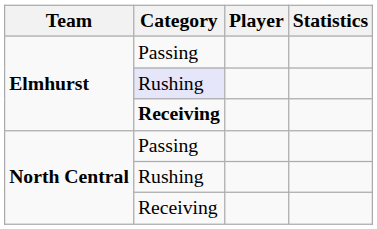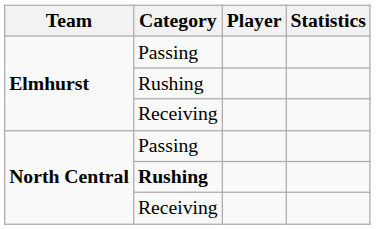 <table class="wikitable" style="float: left;">
 <tr>
 <th>Team</th>
 <th>Category</th>
 <th>Player</th>
 <th>Statistics</th>
 </tr>
 <tr>
 <td rowspan=3><strong>Elmhurst</strong></td>
 <td>Passing</td>
 <td></td>
 <td></td>
 </tr>
 <tr>
-<td style="background: lavender;">Rushing</td>
+<td>Rushing</td>
 <td></td>
 <td></td>
 </tr>
 <tr>
-<td><strong>Receiving</strong></td>
+<td>Receiving</td>
 <td></td>
 <td></td>
 </tr>
 <tr>
 <td rowspan=3><strong>North Central</strong></td>
 <td>Passing</td>
 <td></td>
 <td></td>
 </tr>
 <tr>
-<td>Rushing</td>
+<td><strong>Rushing</strong></td>
 <td></td>
 <td></td>
 </tr>
 <tr>
 <td>Receiving</td>
 <td></td>
 <td></td>
 </tr>
 </table>
